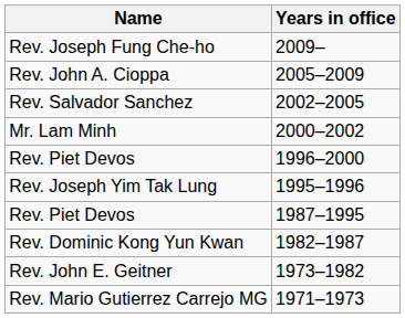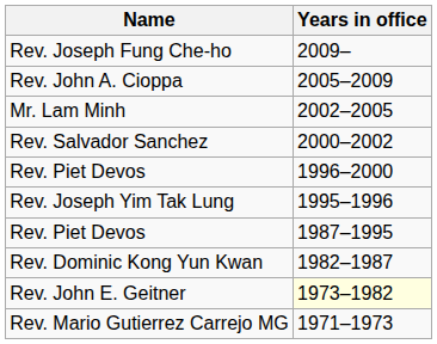 <table class = "sortable wikitable">
 <tr>
 <th>Name</th>
 <th>Years in office</th>
 </tr>
 <tr>
 <td>Rev. Joseph Fung Che-ho</td>
 <td>2009–</td>
 </tr>
 <tr>
 <td>Rev. John A. Cioppa</td>
 <td>2005–2009</td>
 </tr>
 <tr>
-<td>Rev. Salvador Sanchez</td>
+<td>Mr. Lam Minh</td>
 <td>2002–2005</td>
 </tr>
 <tr>
-<td>Mr. Lam Minh</td>
+<td>Rev. Salvador Sanchez</td>
 <td>2000–2002</td>
 </tr>
 <tr>
 <td>Rev. Piet Devos</td>
 <td>1996–2000</td>
 </tr>
 <tr>
 <td>Rev. Joseph Yim Tak Lung</td>
 <td>1995–1996</td>
 </tr>
 <tr>
 <td>Rev. Piet Devos</td>
 <td>1987–1995</td>
 </tr>
 <tr>
 <td>Rev. Dominic Kong Yun Kwan</td>
 <td>1982–1987</td>
 </tr>
 <tr>
 <td>Rev. John E. Geitner</td>
-<td>1973–1982</td>
+<td style="background: lightyellow;">1973–1982</td>
 </tr>
 <tr>
 <td>Rev. Mario Gutierrez Carrejo MG</td>
 <td>1971–1973</td>
 </tr>
 </table>
